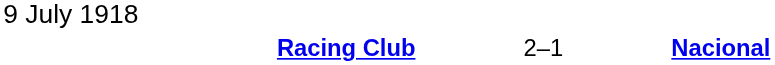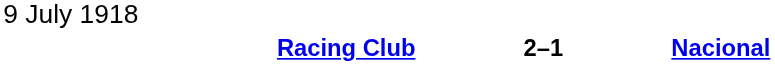 <table width=100% cellspacing=1>
 <tr>
 <th width=20%></th>
 <th width=12%></th>
 <th width=20%></th>
 <th></th>
 </tr>
 <tr>
 <td>9 July 1918</td>
 </tr>
 <tr style=font-size:90%>
 <td align=right><strong> <a href='#'>Racing Club</a></strong></td>
-<td align=center>2–1</td>
+<td align=center><strong>2–1</strong></td>
 <td><strong> <a href='#'>Nacional</a></strong></td>
 <td></td>
 </tr>
 <tr>
 </tr>
 </table>
